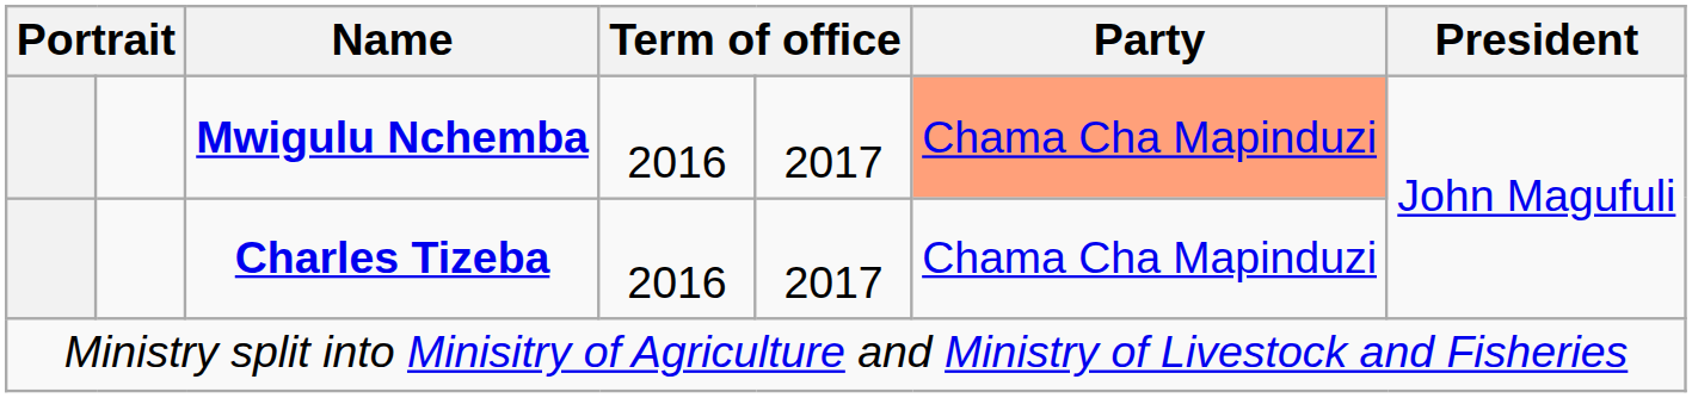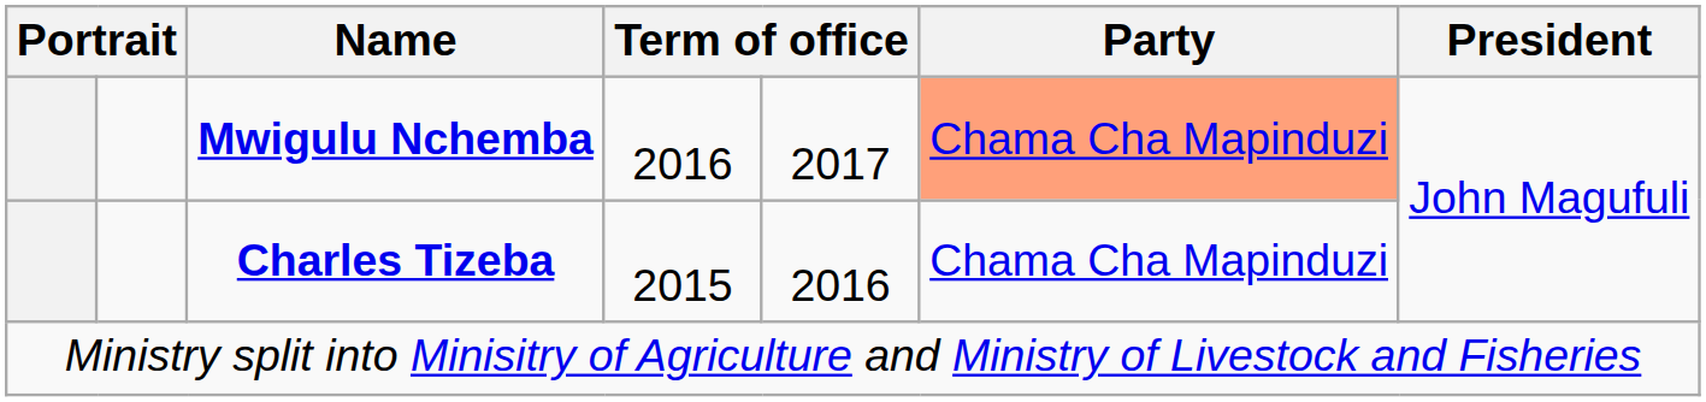 <table class="wikitable plainrowheaders" style="text-align:center">
 <tr>
 <th colspan=2>Portrait</th>
 <th>Name</th>
 <th colspan=2>Term of office</th>
 <th>Party</th>
 <th>President</th>
 </tr>
 <tr>
 <th style="background-color: "></th>
 <td></td>
 <td><strong><a href='#'>Mwigulu Nchemba</a></strong></td>
 <td class=nowrap><br>2016</td>
 <td class=nowrap><br>2017</td>
 <td style="background: lightsalmon;"><a href='#'>Chama Cha Mapinduzi</a></td>
 <td rowspan="2"><a href='#'>John Magufuli</a></td>
 </tr>
 <tr>
 <th style="background-color: "></th>
 <td></td>
 <td><strong><a href='#'>Charles Tizeba</a></strong></td>
+<td class=nowrap><br>2015</td>
 <td class=nowrap><br>2016</td>
-<td class=nowrap><br>2017</td>
 <td><a href='#'>Chama Cha Mapinduzi</a></td>
 </tr>
 <tr>
 <td colspan=7><em>Ministry split into <a href='#'>Minisitry of Agriculture</a> and <a href='#'>Ministry of Livestock and Fisheries</a></em></td>
 </tr>
 </table>
